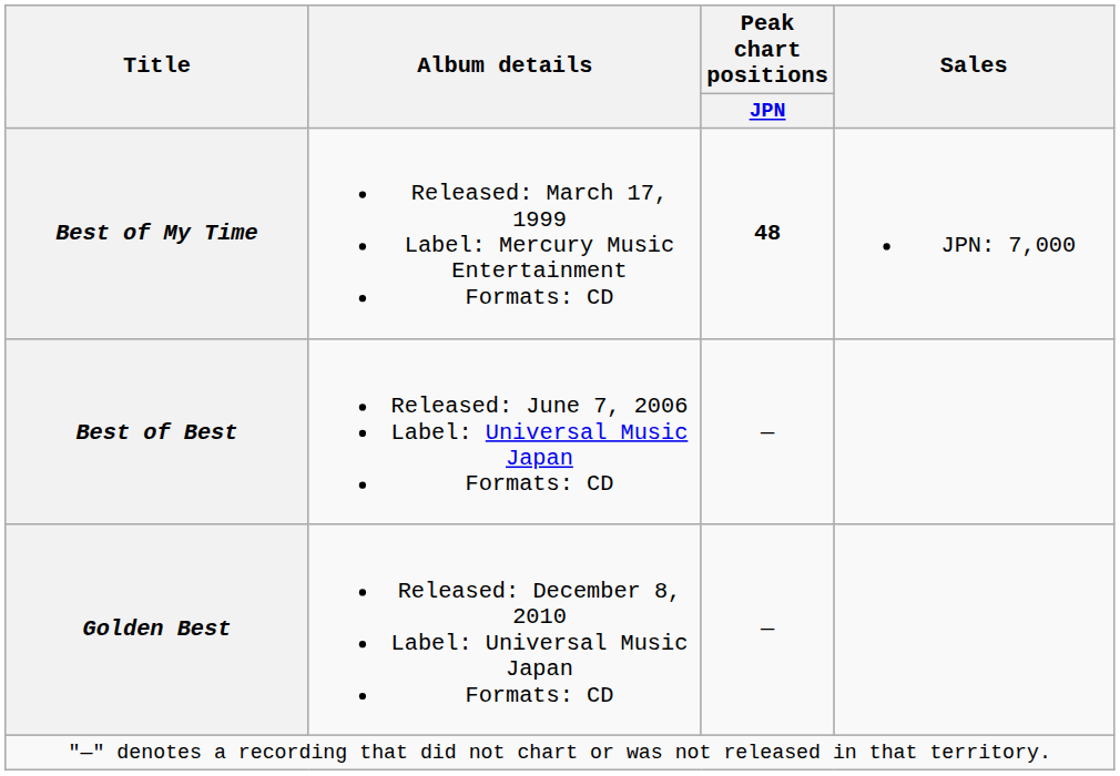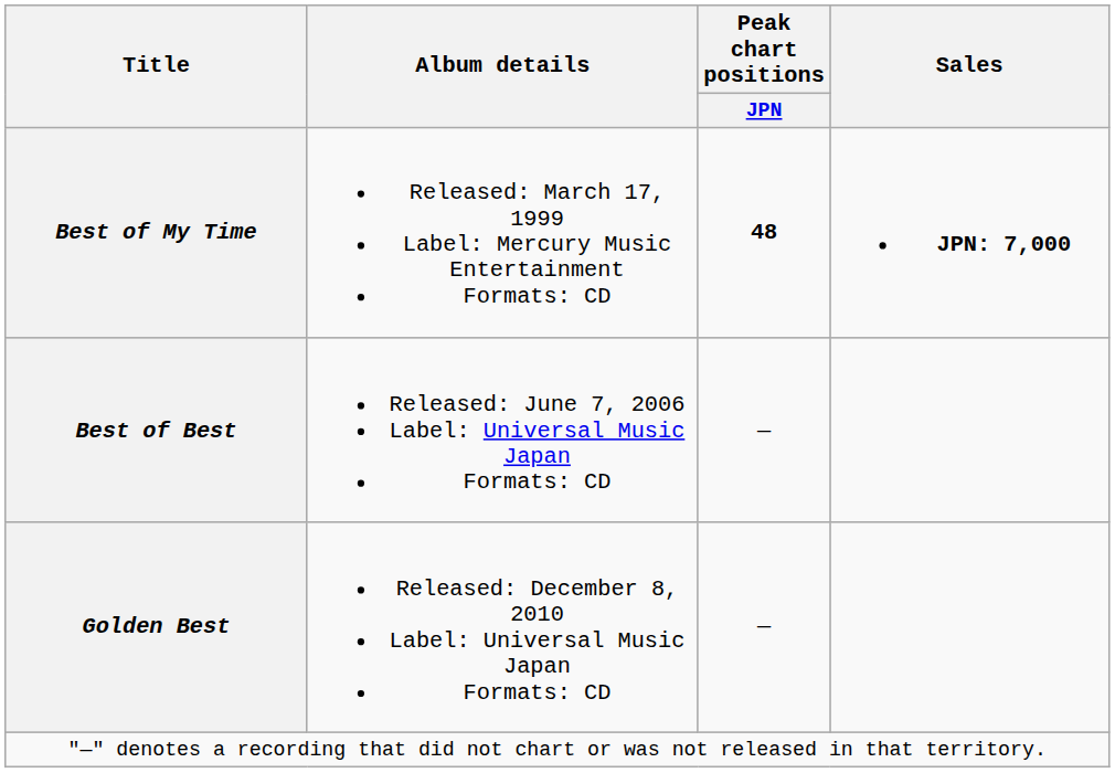 <table class="wikitable plainrowheaders" style="text-align:center;">
 <tr>
 <th scope="col" rowspan="2" style="width:13em;">Title</th>
 <th scope="col" rowspan="2" style="width:17em;">Album details</th>
 <th scope="col" colspan="1">Peak chart positions</th>
 <th scope="col" rowspan="2" style="width:12em;">Sales</th>
 </tr>
 <tr>
 <th scope="col" style="width:2.5em;font-size:90%;"><a href='#'>JPN</a><br></th>
 </tr>
 <tr>
 <th scope="row"><em>Best of My Time</em></th>
 <td><br><ul><li>Released: March 17, 1999</li><li>Label: Mercury Music Entertainment</li><li>Formats: CD</li></ul></td>
 <td><strong>48</strong></td>
-<td><br><ul><li>JPN: 7,000</li></ul></td>
+<td><strong><br><ul><li>JPN: 7,000</li></ul></strong></td>
 </tr>
 <tr>
 <th scope="row"><em>Best of Best</em></th>
 <td><br><ul><li>Released: June 7, 2006</li><li>Label: <a href='#'>Universal Music Japan</a></li><li>Formats: CD</li></ul></td>
 <td>—</td>
 <td></td>
 </tr>
 <tr>
 <th scope="row"><em>Golden Best</em></th>
 <td><br><ul><li>Released: December 8, 2010</li><li>Label: Universal Music Japan</li><li>Formats: CD</li></ul></td>
 <td>—</td>
 <td></td>
 </tr>
 <tr>
 <td colspan="9" style="font-size:90%">"—" denotes a recording that did not chart or was not released in that territory.</td>
 </tr>
 </table>
